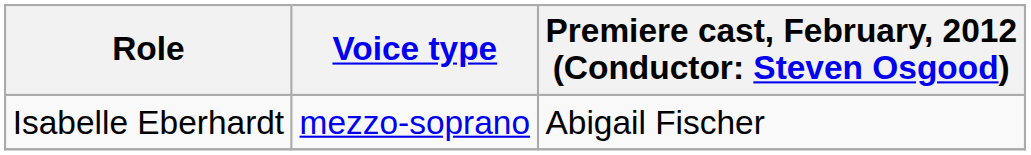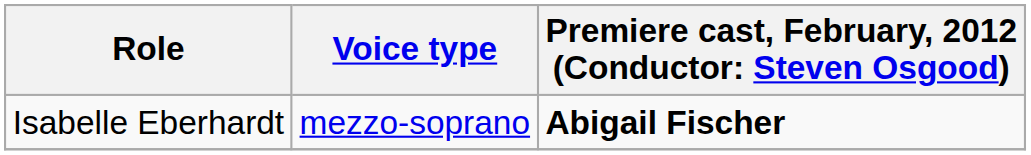 <table class="wikitable">
 <tr>
 <th>Role</th>
 <th><a href='#'>Voice type</a></th>
 <th>Premiere cast, February, 2012<br>(Conductor: <a href='#'>Steven Osgood</a>)</th>
 </tr>
 <tr>
 <td>Isabelle Eberhardt</td>
 <td><a href='#'>mezzo-soprano</a></td>
-<td>Abigail Fischer</td>
+<td><strong>Abigail Fischer</strong></td>
 </tr>
 <tr>
 </tr>
 </table>
